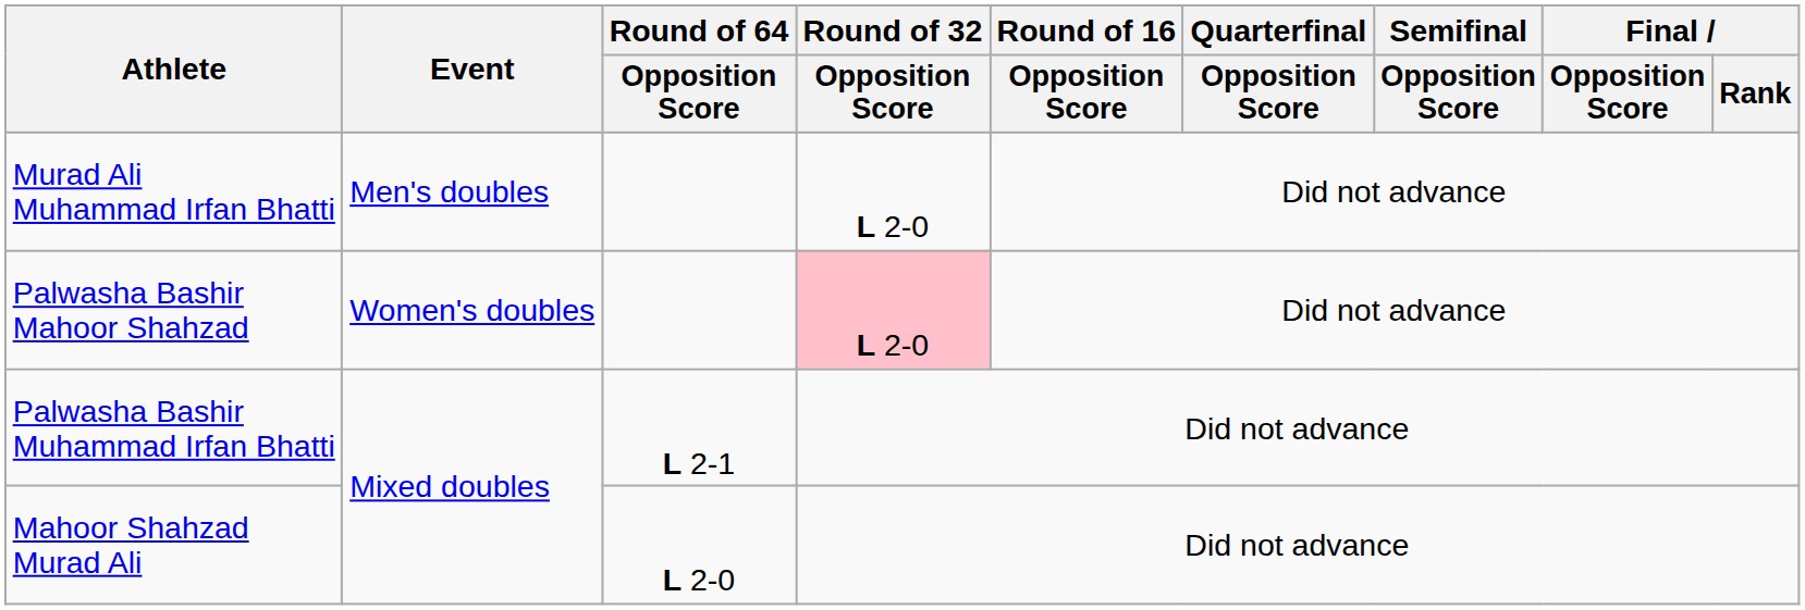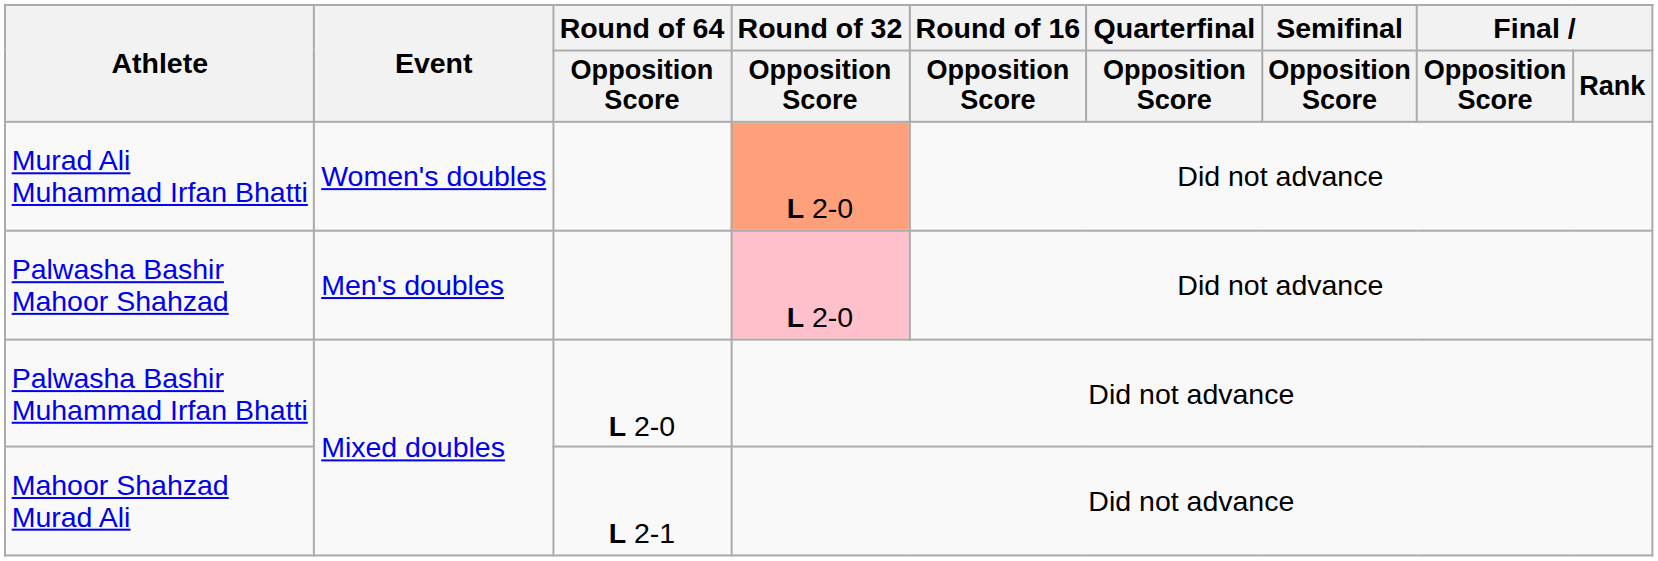 <table class=wikitable style="font-size:90%">
 <tr>
 <th rowspan=2>Athlete</th>
 <th rowspan=2>Event</th>
 <th>Round of 64</th>
 <th>Round of 32</th>
 <th>Round of 16</th>
 <th>Quarterfinal</th>
 <th>Semifinal</th>
 <th colspan=2>Final / </th>
 </tr>
 <tr style="font-size:95%">
 <th>Opposition<br>Score</th>
 <th>Opposition<br>Score</th>
 <th>Opposition<br>Score</th>
 <th>Opposition<br>Score</th>
 <th>Opposition<br>Score</th>
 <th>Opposition<br>Score</th>
 <th>Rank</th>
 </tr>
 <tr align=center>
 <td align=left><a href='#'>Murad Ali</a><br><a href='#'>Muhammad Irfan Bhatti</a></td>
-<td align=left><a href='#'>Men's doubles</a></td>
+<td align=left><a href='#'>Women's doubles</a></td>
 <td></td>
-<td><br><br><strong>L</strong> 2-0</td>
+<td style="background: lightsalmon;"><br><br><strong>L</strong> 2-0</td>
 <td colspan="6">Did not advance</td>
 </tr>
 <tr align=center>
 <td align=left><a href='#'>Palwasha Bashir</a><br><a href='#'>Mahoor Shahzad</a></td>
-<td align=left><a href='#'>Women's doubles</a></td>
+<td align=left><a href='#'>Men's doubles</a></td>
 <td></td>
 <td style="background: pink;"><br><br><strong>L</strong> 2-0</td>
 <td colspan="6">Did not advance</td>
 </tr>
 <tr align=center>
 <td align=left><a href='#'>Palwasha Bashir</a><br><a href='#'>Muhammad Irfan Bhatti</a></td>
 <td align=left rowspan=2><a href='#'>Mixed doubles</a></td>
-<td><br><br><strong>L</strong> 2-1</td>
+<td><br><br><strong>L</strong> 2-0</td>
 <td colspan="6">Did not advance</td>
 </tr>
 <tr align=center>
 <td align=left><a href='#'>Mahoor Shahzad</a><br><a href='#'>Murad Ali</a></td>
-<td><br><br><strong>L</strong> 2-0</td>
+<td><br><br><strong>L</strong> 2-1</td>
 <td colspan="6">Did not advance</td>
 </tr>
 </table>
